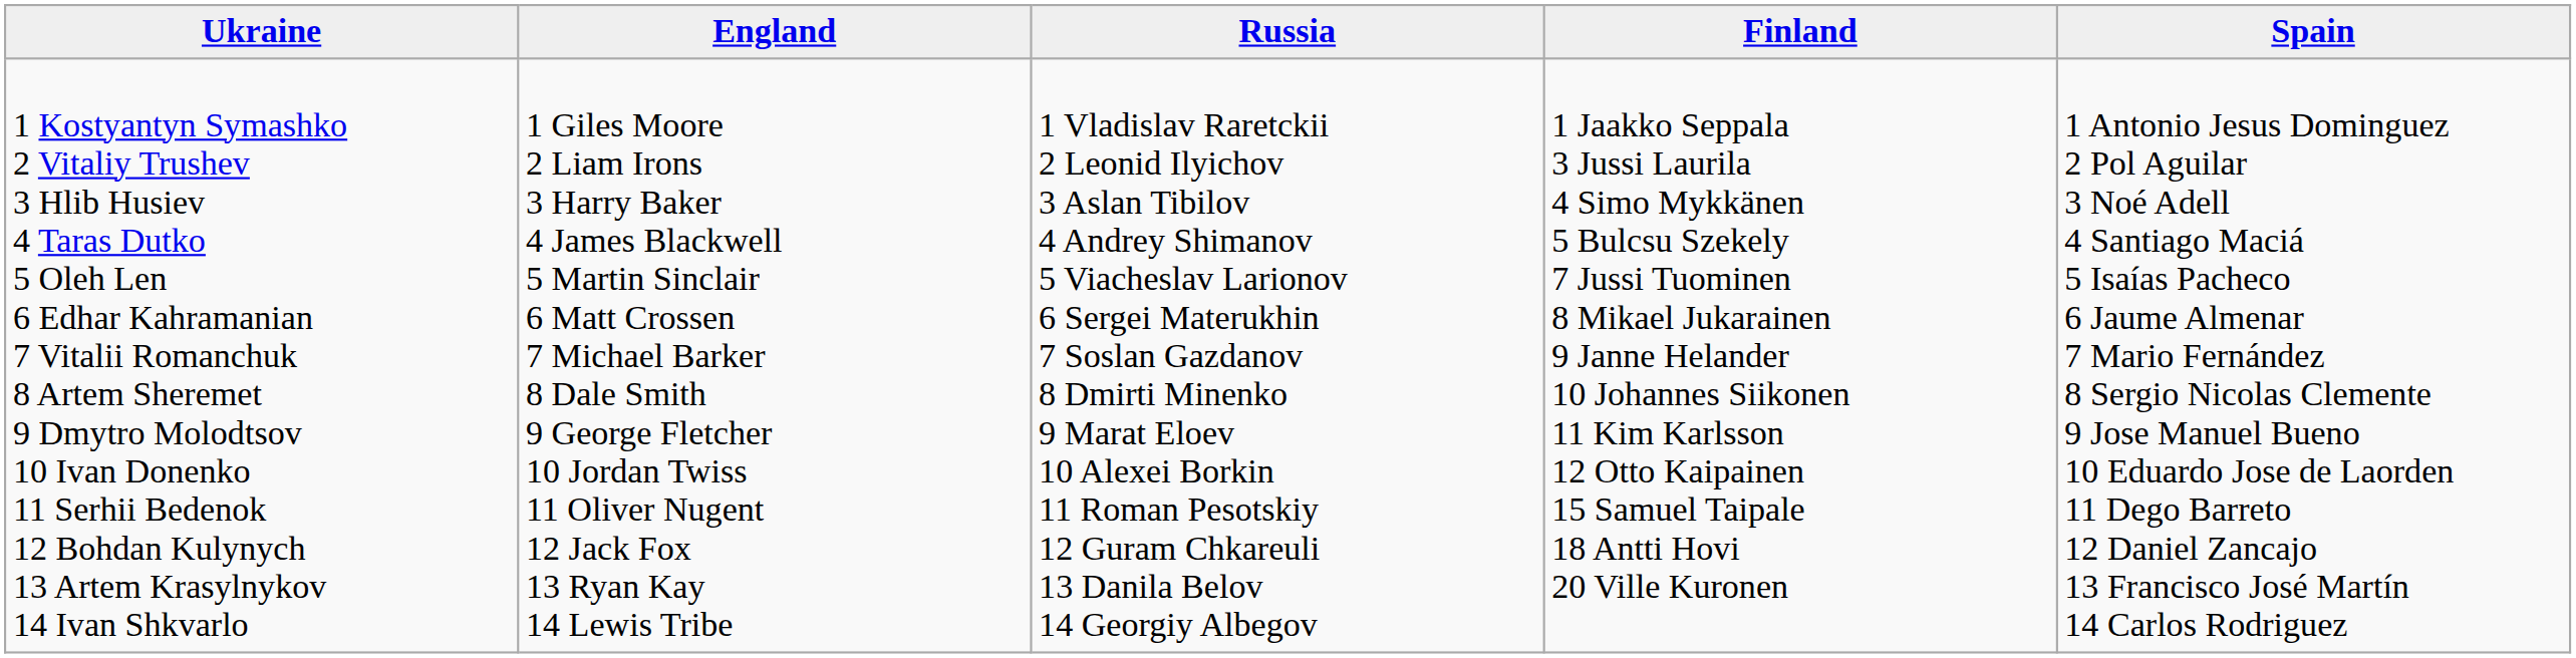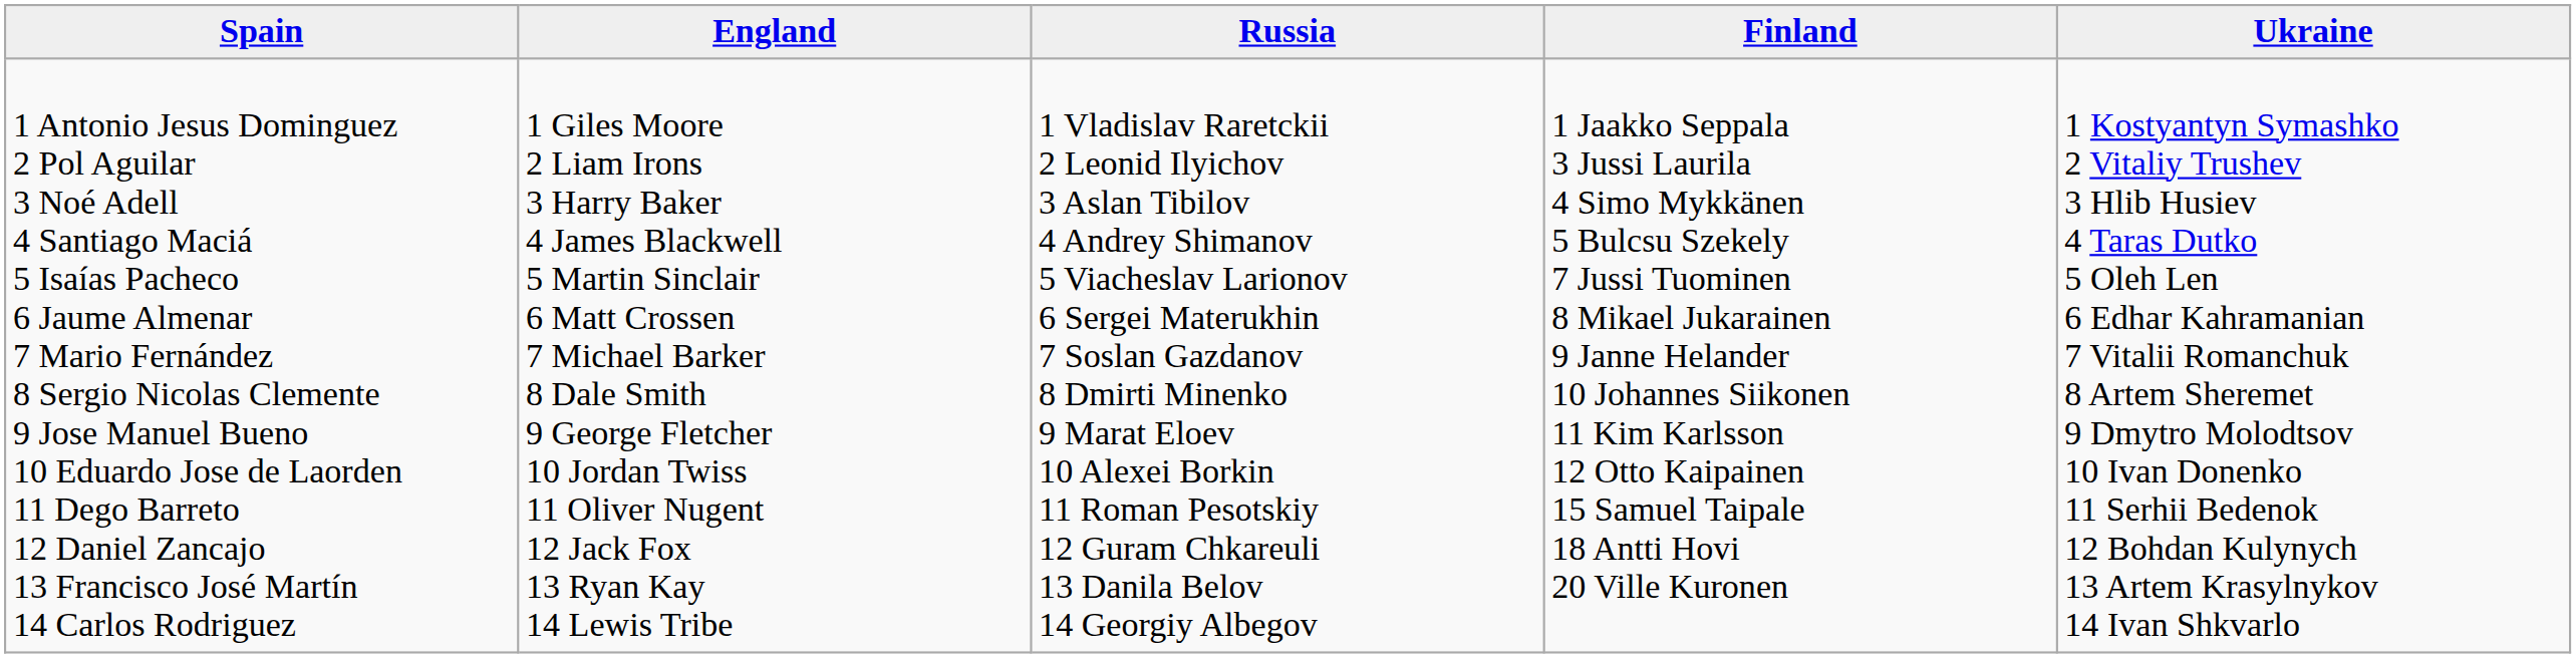 <table class="wikitable mw-collapsible mw-collapsed" cellpadding=5 cellspacing=0 style="width:95%">
 <tr align=center>
-<td bgcolor="#efefef" width="200"><strong> <a href='#'>Ukraine</a></strong></td>
+<td bgcolor="#efefef" width="200"><strong> <a href='#'>Spain</a></strong></td>
 <td bgcolor="#efefef" width="200"><strong> <a href='#'>England</a></strong></td>
 <td bgcolor="#efefef" width="200"><strong> <a href='#'>Russia</a></strong></td>
 <td bgcolor="#efefef" width="200"><strong> <a href='#'>Finland</a></strong></td>
-<td bgcolor="#efefef" width="200"><strong> <a href='#'>Spain</a></strong></td>
+<td bgcolor="#efefef" width="200"><strong> <a href='#'>Ukraine</a></strong></td>
 </tr>
 <tr valign=top>
-<td><br>1 <a href='#'>Kostyantyn Symashko</a><br> 2 <a href='#'>Vitaliy Trushev</a><br> 3 Hlib Husiev<br> 4 <a href='#'>Taras Dutko</a><br> 5 Oleh Len<br> 6 Edhar Kahramanian <br> 7 Vitalii Romanchuk<br> 8 Artem Sheremet<br> 9 Dmytro Molodtsov<br> 10 Ivan Donenko<br> 11 Serhii Bedenok<br> 12 Bohdan Kulynych<br> 13 Artem Krasylnykov<br> 14 Ivan Shkvarlo<br></td>
+<td><br>1 Antonio Jesus Dominguez<br> 2 Pol Aguilar<br> 3 Noé Adell<br> 4 Santiago Maciá<br> 5 Isaías Pacheco<br> 6 Jaume Almenar<br> 7 Mario Fernández<br> 8 Sergio Nicolas Clemente<br> 9 Jose Manuel Bueno<br> 10 Eduardo Jose de Laorden<br> 11 Dego Barreto<br> 12 Daniel Zancajo<br> 13 Francisco José Martín<br> 14 Carlos Rodriguez<br></td>
 <td><br>1  Giles Moore<br> 2 Liam Irons<br> 3 Harry Baker<br> 4 James Blackwell<br> 5 Martin Sinclair<br> 6 Matt Crossen<br> 7 Michael Barker<br> 8 Dale Smith<br> 9 George Fletcher<br> 10 Jordan Twiss<br> 11 Oliver Nugent<br> 12 Jack Fox<br> 13 Ryan Kay<br> 14 Lewis Tribe<br></td>
 <td><br>1 Vladislav Raretckii<br> 2 Leonid Ilyichov<br> 3 Aslan Tibilov<br> 4 Andrey Shimanov<br> 5 Viacheslav Larionov<br> 6 Sergei Materukhin<br> 7 Soslan Gazdanov<br> 8 Dmirti Minenko<br> 9 Marat Eloev<br> 10 Alexei Borkin<br> 11 Roman Pesotskiy<br> 12 Guram Chkareuli<br> 13 Danila Belov<br> 14 Georgiy Albegov<br></td>
 <td><br>1 Jaakko Seppala<br> 3 Jussi Laurila<br> 4 Simo Mykkänen<br> 5 Bulcsu Szekely<br> 7 Jussi Tuominen<br> 8 Mikael Jukarainen<br> 9 Janne Helander<br> 10 Johannes Siikonen<br> 11 Kim Karlsson<br> 12 Otto Kaipainen<br> 15 Samuel Taipale<br> 18 Antti Hovi<br> 20 Ville Kuronen<br></td>
-<td><br>1 Antonio Jesus Dominguez<br> 2 Pol Aguilar<br> 3 Noé Adell<br> 4 Santiago Maciá<br> 5 Isaías Pacheco<br> 6 Jaume Almenar<br> 7 Mario Fernández<br> 8 Sergio Nicolas Clemente<br> 9 Jose Manuel Bueno<br> 10 Eduardo Jose de Laorden<br> 11 Dego Barreto<br> 12 Daniel Zancajo<br> 13 Francisco José Martín<br> 14 Carlos Rodriguez<br></td>
+<td><br>1 <a href='#'>Kostyantyn Symashko</a><br> 2 <a href='#'>Vitaliy Trushev</a><br> 3 Hlib Husiev<br> 4 <a href='#'>Taras Dutko</a><br> 5 Oleh Len<br> 6 Edhar Kahramanian <br> 7 Vitalii Romanchuk<br> 8 Artem Sheremet<br> 9 Dmytro Molodtsov<br> 10 Ivan Donenko<br> 11 Serhii Bedenok<br> 12 Bohdan Kulynych<br> 13 Artem Krasylnykov<br> 14 Ivan Shkvarlo<br></td>
 </tr>
 </table>
